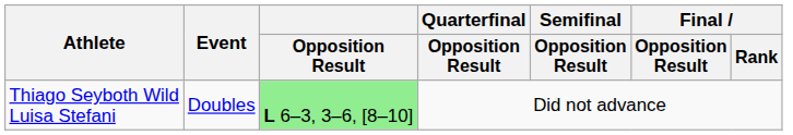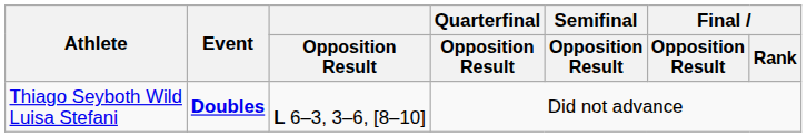 <table class="wikitable" style="font-size:90%;">
 <tr>
 <th rowspan=2>Athlete</th>
 <th rowspan=2>Event</th>
 <th></th>
 <th>Quarterfinal</th>
 <th>Semifinal</th>
 <th colspan=2>Final / </th>
 </tr>
 <tr style="font-size:95%">
 <th>Opposition<br>Result</th>
 <th>Opposition<br>Result</th>
 <th>Opposition<br>Result</th>
 <th>Opposition<br>Result</th>
 <th>Rank</th>
 </tr>
 <tr align=center>
 <td align=left><a href='#'>Thiago Seyboth Wild</a><br><a href='#'>Luisa Stefani</a></td>
-<td align=left><a href='#'>Doubles</a></td>
-<td style="background: lightgreen;"><br><strong>L</strong> 6–3, 3–6, [8–10]</td>
+<td align=left><strong><a href='#'>Doubles</a></strong></td>
+<td><br><strong>L</strong> 6–3, 3–6, [8–10]</td>
 <td colspan=4>Did not advance</td>
 </tr>
 </table>
